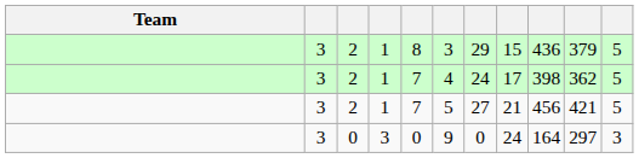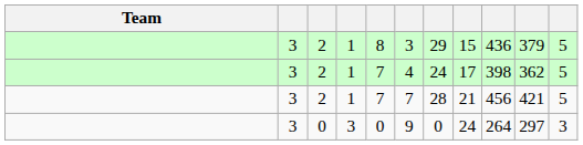 <table class=wikitable style="text-align:center">
 <tr>
 <th width=250>Team</th>
 <th width=20></th>
 <th width=20></th>
 <th width=20></th>
 <th width=20></th>
 <th width=20></th>
 <th width=20></th>
 <th width=20></th>
 <th width=20></th>
 <th width=20></th>
 <th width=20></th>
 </tr>
 <tr style="background-color:#ccffcc;">
 <td style="text-align:left;"></td>
 <td>3</td>
 <td>2</td>
 <td>1</td>
 <td>8</td>
 <td>3</td>
 <td>29</td>
 <td>15</td>
 <td>436</td>
 <td>379</td>
 <td>5</td>
 </tr>
 <tr style="background-color:#ccffcc;">
 <td style="text-align:left;"></td>
 <td>3</td>
 <td>2</td>
 <td>1</td>
 <td>7</td>
 <td>4</td>
 <td>24</td>
 <td>17</td>
 <td>398</td>
 <td>362</td>
 <td>5</td>
 </tr>
 <tr>
 <td style="text-align:left;"></td>
 <td>3</td>
 <td>2</td>
 <td>1</td>
 <td>7</td>
-<td>5</td>
-<td>27</td>
+<td>7</td>
+<td>28</td>
 <td>21</td>
 <td>456</td>
 <td>421</td>
 <td>5</td>
 </tr>
 <tr>
 <td style="text-align:left;"></td>
 <td>3</td>
 <td>0</td>
 <td>3</td>
 <td>0</td>
 <td>9</td>
 <td>0</td>
 <td>24</td>
-<td>164</td>
+<td>264</td>
 <td>297</td>
 <td>3</td>
 </tr>
 </table>
